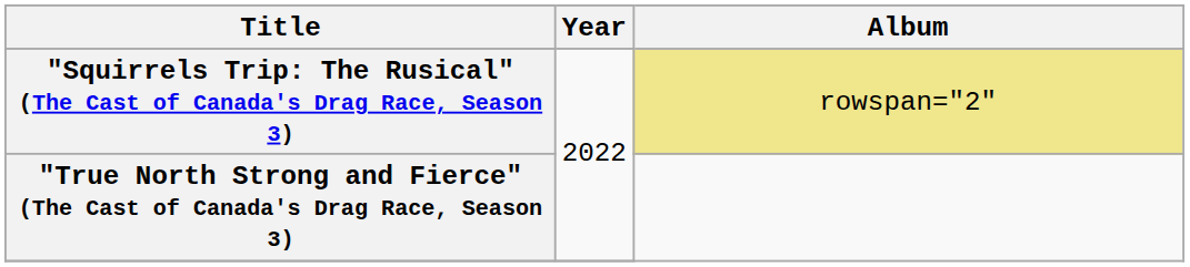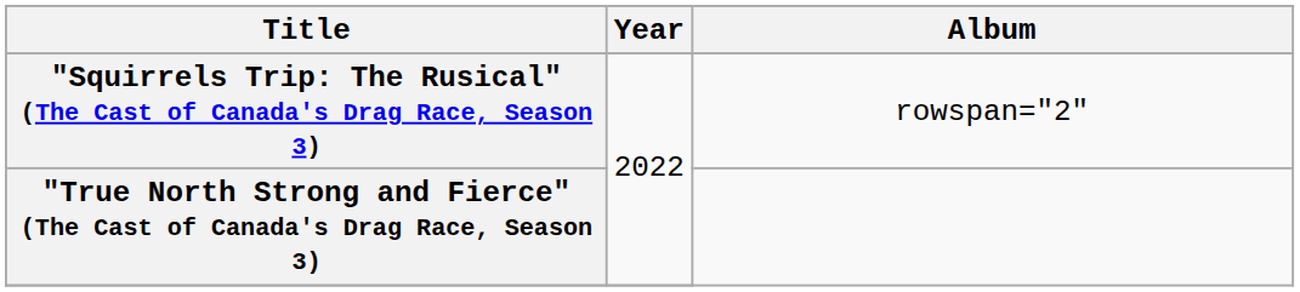 <table class="wikitable plainrowheaders" style="text-align:center;">
 <tr>
 <th style="width:20em;">Title</th>
 <th style="width:1em;">Year</th>
 <th style="width:20em;">Album</th>
 </tr>
 <tr>
 <th scope="row">"Squirrels Trip: The Rusical"<br><small>(<a href='#'>The Cast of Canada's Drag Race, Season 3</a>)</small></th>
 <td rowspan="2">2022</td>
-<td style="background: khaki;">rowspan="2" </td>
+<td>rowspan="2" </td>
 </tr>
 <tr>
 <th scope="row">"True North Strong and Fierce"<br><small>(The Cast of Canada's Drag Race, Season 3)</small></th>
 </tr>
 <tr>
 </tr>
 </table>
